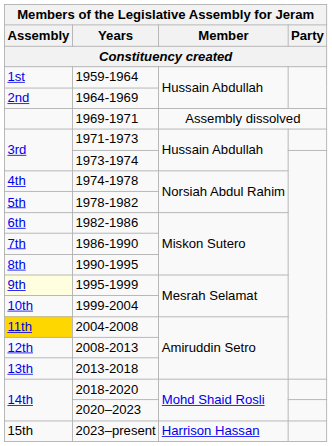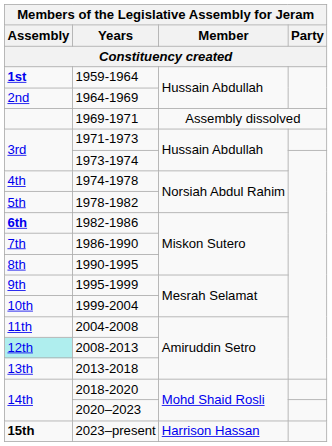 <table class=wikitable>
 <tr>
 <th colspan=4>Members of the Legislative Assembly for Jeram</th>
 </tr>
 <tr>
 <th>Assembly</th>
 <th>Years</th>
 <th>Member</th>
 <th>Party</th>
 </tr>
 <tr>
 <th colspan=4 align=center><em>Constituency created</em></th>
 </tr>
 <tr>
-<td><a href='#'>1st</a></td>
+<td><strong><a href='#'>1st</a></strong></td>
 <td>1959-1964</td>
 <td rowspan=2>Hussain Abdullah</td>
 <td rowspan=2></td>
 </tr>
 <tr>
 <td><a href='#'>2nd</a></td>
 <td>1964-1969</td>
 </tr>
 <tr>
 <td></td>
 <td>1969-1971</td>
 <td colspan=2 align=center>Assembly dissolved</td>
 </tr>
 <tr>
 <td rowspan=2><a href='#'>3rd</a></td>
 <td>1971-1973</td>
 <td rowspan=2>Hussain Abdullah</td>
 <td></td>
 </tr>
 <tr>
 <td>1973-1974</td>
 <td rowspan=11></td>
 </tr>
 <tr>
 <td><a href='#'>4th</a></td>
 <td>1974-1978</td>
 <td rowspan=2>Norsiah Abdul Rahim</td>
 </tr>
 <tr>
 <td><a href='#'>5th</a></td>
 <td>1978-1982</td>
 </tr>
 <tr>
-<td><a href='#'>6th</a></td>
+<td><strong><a href='#'>6th</a></strong></td>
 <td>1982-1986</td>
 <td rowspan=3>Miskon Sutero</td>
 </tr>
 <tr>
 <td><a href='#'>7th</a></td>
 <td>1986-1990</td>
 </tr>
 <tr>
 <td><a href='#'>8th</a></td>
 <td>1990-1995</td>
 </tr>
 <tr>
-<td style="background: lightyellow;"><a href='#'>9th</a></td>
+<td><a href='#'>9th</a></td>
 <td>1995-1999</td>
 <td rowspan=2>Mesrah Selamat</td>
 </tr>
 <tr>
 <td><a href='#'>10th</a></td>
 <td>1999-2004</td>
 </tr>
 <tr>
-<td style="background: gold;"><a href='#'>11th</a></td>
+<td><a href='#'>11th</a></td>
 <td>2004-2008</td>
 <td rowspan=3>Amiruddin Setro</td>
 </tr>
 <tr>
-<td><a href='#'>12th</a></td>
+<td style="background: paleturquoise;"><a href='#'>12th</a></td>
 <td>2008-2013</td>
 </tr>
 <tr>
 <td><a href='#'>13th</a></td>
 <td>2013-2018</td>
 </tr>
 <tr>
 <td rowspan="2"><a href='#'>14th</a></td>
 <td>2018-2020</td>
 <td rowspan="2"><a href='#'>Mohd Shaid Rosli</a></td>
 <td></td>
 </tr>
 <tr>
 <td>2020–2023</td>
 <td></td>
 </tr>
 <tr>
-<td>15th</td>
+<td><strong>15th</strong></td>
 <td>2023–present</td>
 <td><a href='#'>Harrison Hassan</a></td>
 <td></td>
 </tr>
 </table>
